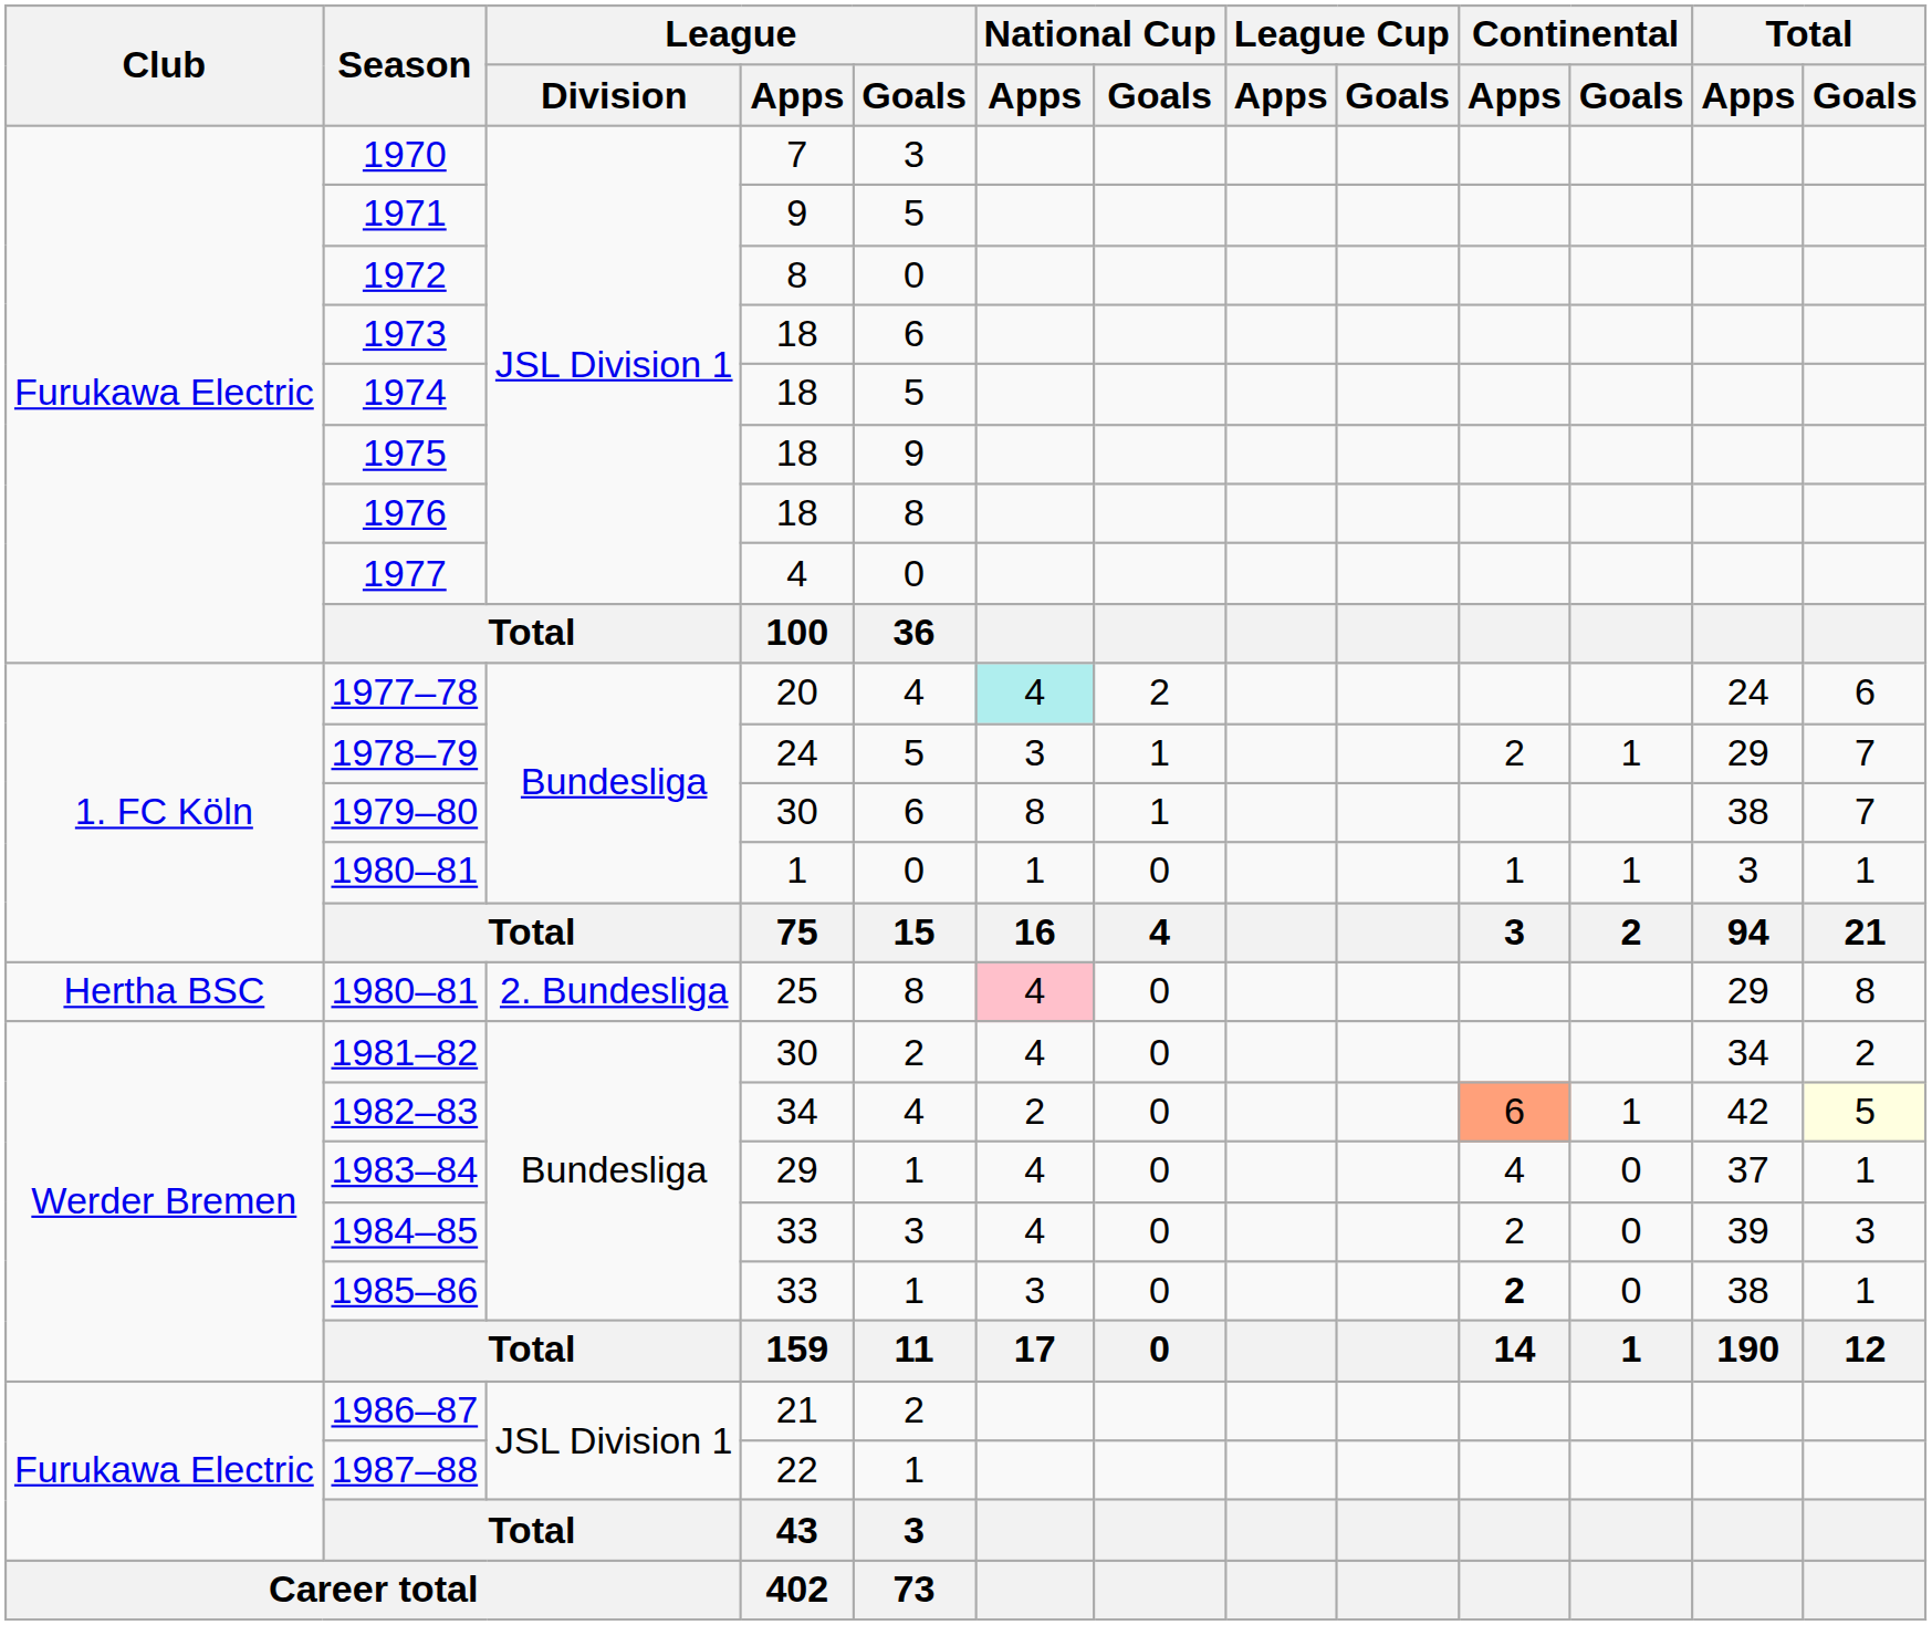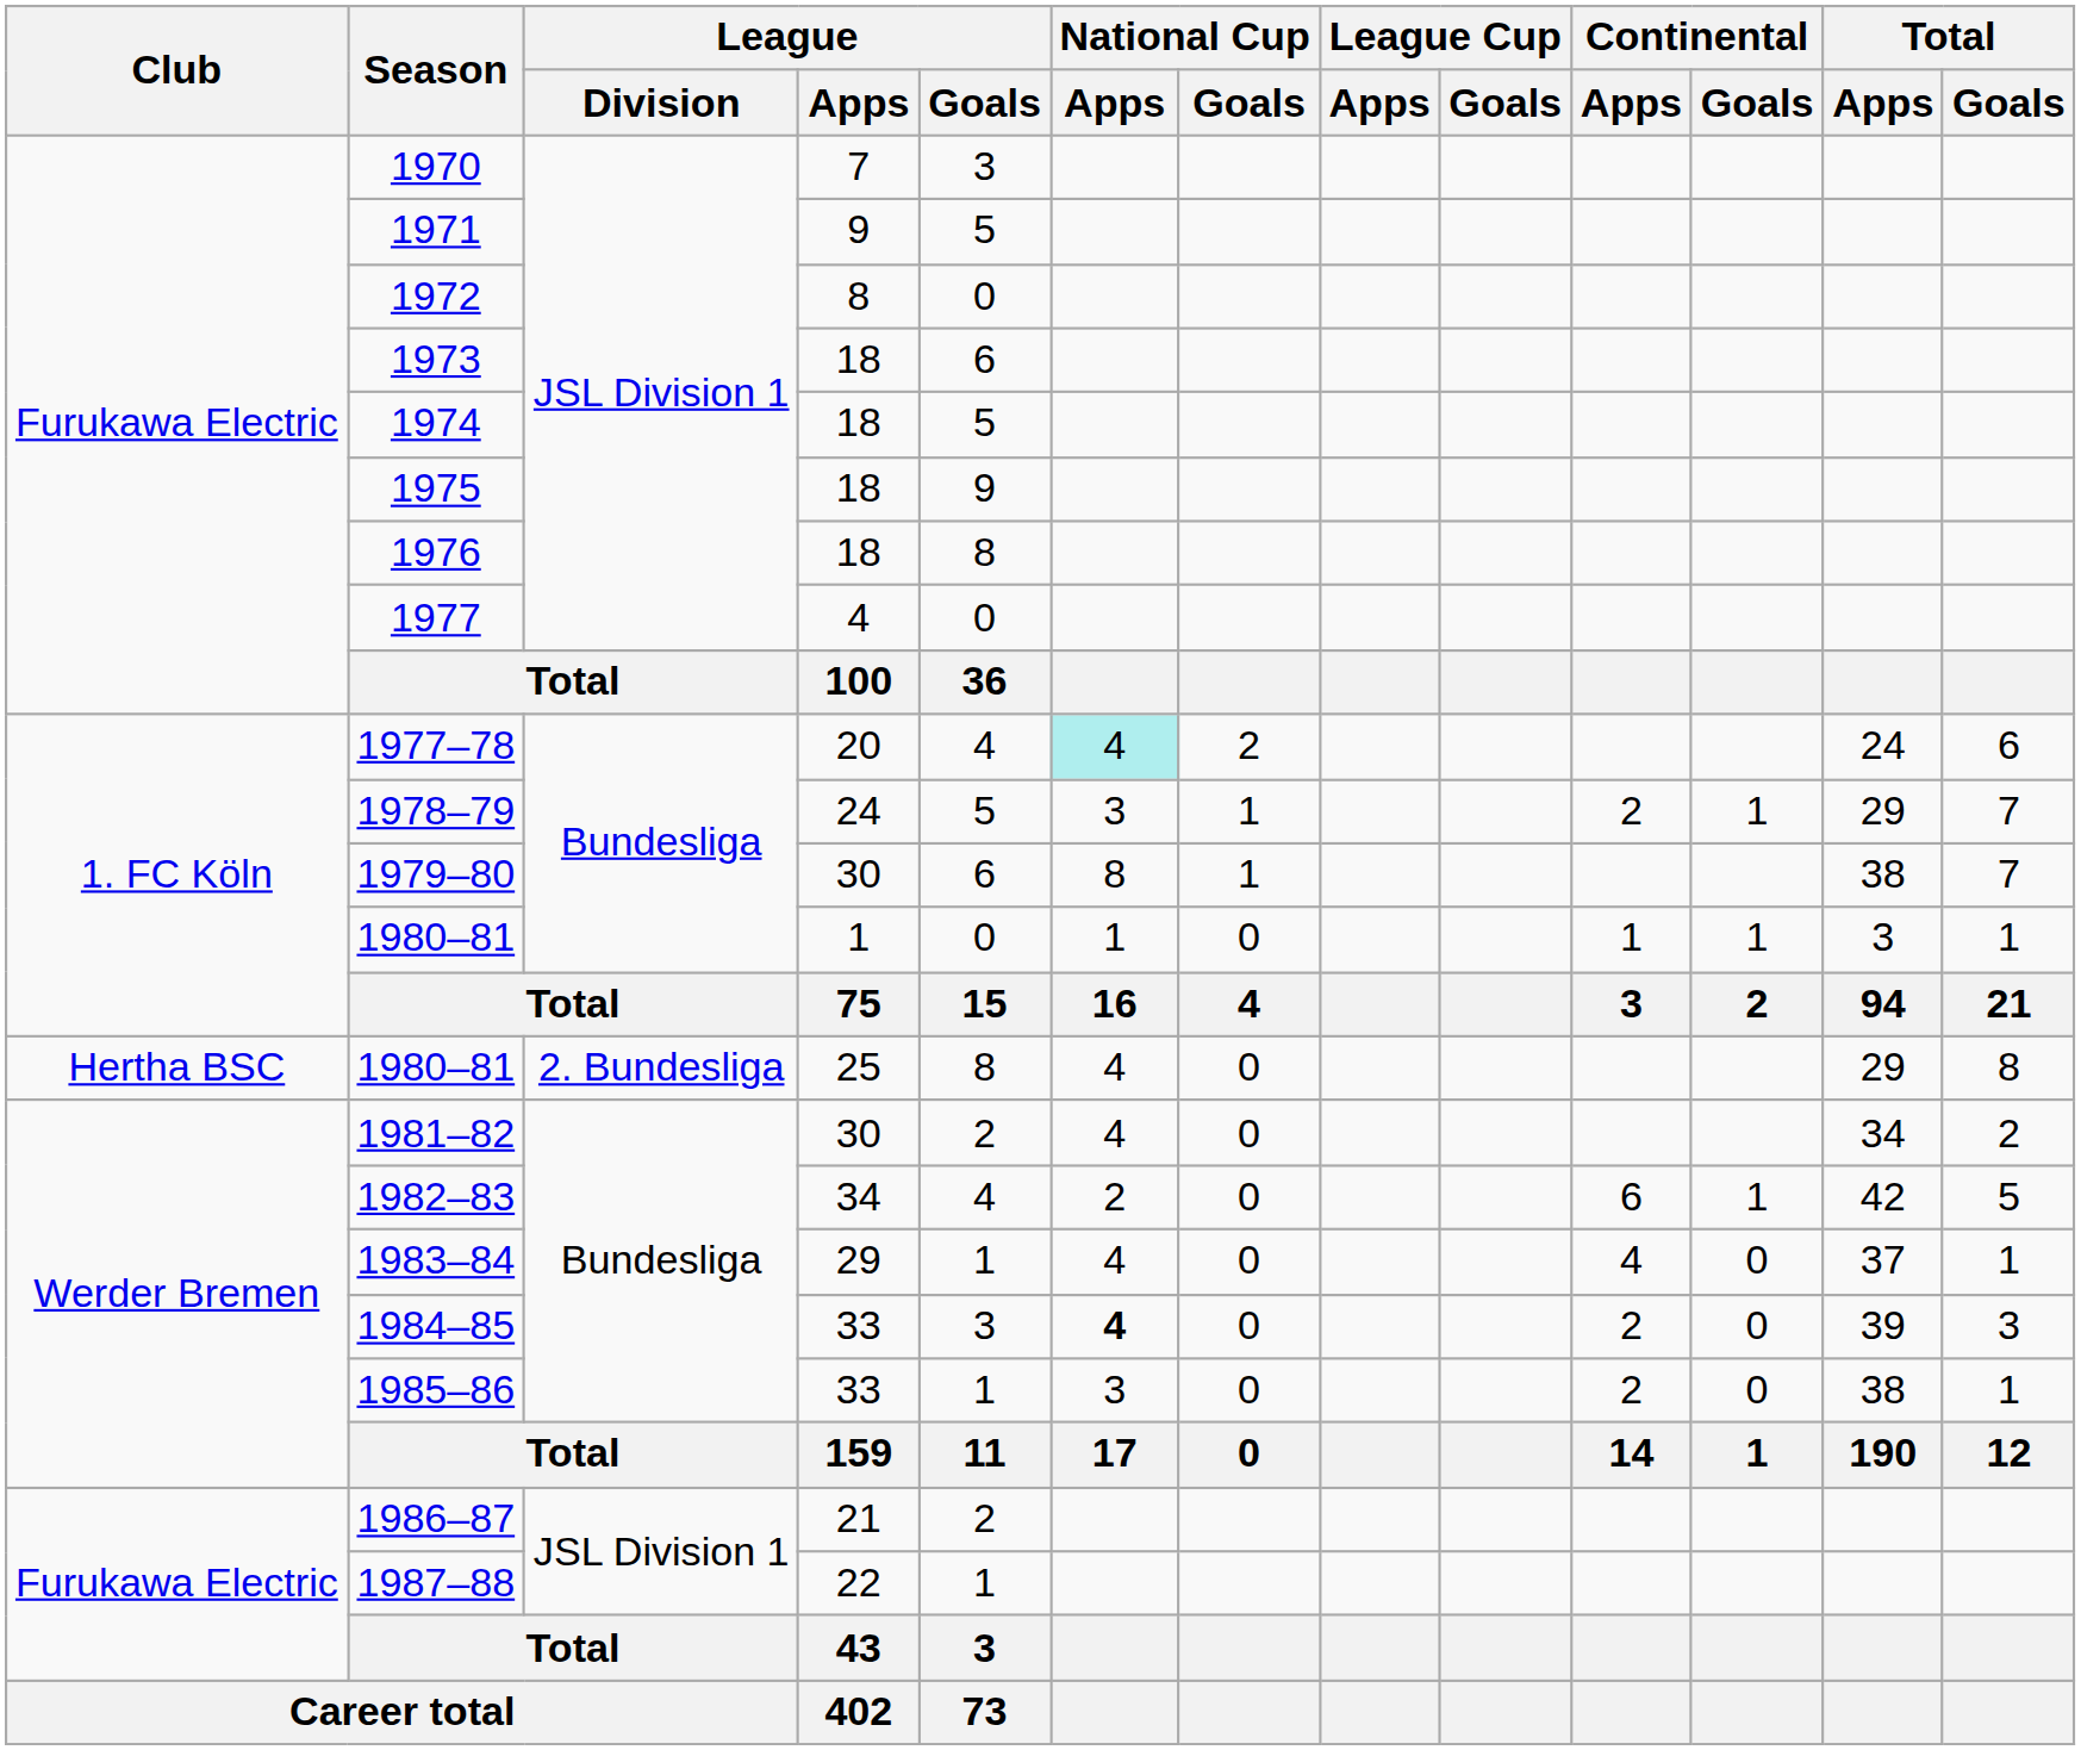 <table class="wikitable" style="text-align:center">
 <tr>
 <th rowspan="2">Club</th>
 <th rowspan="2">Season</th>
 <th colspan="3">League</th>
 <th colspan="2">National Cup</th>
 <th colspan="2">League Cup</th>
 <th colspan="2">Continental</th>
 <th colspan="2">Total</th>
 </tr>
 <tr>
 <th>Division</th>
 <th>Apps</th>
 <th>Goals</th>
 <th>Apps</th>
 <th>Goals</th>
 <th>Apps</th>
 <th>Goals</th>
 <th>Apps</th>
 <th>Goals</th>
 <th>Apps</th>
 <th>Goals</th>
 </tr>
 <tr>
 <td rowspan="9"><a href='#'>Furukawa Electric</a></td>
 <td><a href='#'>1970</a></td>
 <td rowspan="8"><a href='#'>JSL Division 1</a></td>
 <td>7</td>
 <td>3</td>
 <td></td>
 <td></td>
 <td></td>
 <td></td>
 <td></td>
 <td></td>
 <td></td>
 <td></td>
 </tr>
 <tr>
 <td><a href='#'>1971</a></td>
 <td>9</td>
 <td>5</td>
 <td></td>
 <td></td>
 <td></td>
 <td></td>
 <td></td>
 <td></td>
 <td></td>
 <td></td>
 </tr>
 <tr>
 <td><a href='#'>1972</a></td>
 <td>8</td>
 <td>0</td>
 <td></td>
 <td></td>
 <td></td>
 <td></td>
 <td></td>
 <td></td>
 <td></td>
 <td></td>
 </tr>
 <tr>
 <td><a href='#'>1973</a></td>
 <td>18</td>
 <td>6</td>
 <td></td>
 <td></td>
 <td></td>
 <td></td>
 <td></td>
 <td></td>
 <td></td>
 <td></td>
 </tr>
 <tr>
 <td><a href='#'>1974</a></td>
 <td>18</td>
 <td>5</td>
 <td></td>
 <td></td>
 <td></td>
 <td></td>
 <td></td>
 <td></td>
 <td></td>
 <td></td>
 </tr>
 <tr>
 <td><a href='#'>1975</a></td>
 <td>18</td>
 <td>9</td>
 <td></td>
 <td></td>
 <td></td>
 <td></td>
 <td></td>
 <td></td>
 <td></td>
 <td></td>
 </tr>
 <tr>
 <td><a href='#'>1976</a></td>
 <td>18</td>
 <td>8</td>
 <td></td>
 <td></td>
 <td></td>
 <td></td>
 <td></td>
 <td></td>
 <td></td>
 <td></td>
 </tr>
 <tr>
 <td><a href='#'>1977</a></td>
 <td>4</td>
 <td>0</td>
 <td></td>
 <td></td>
 <td></td>
 <td></td>
 <td></td>
 <td></td>
 <td></td>
 <td></td>
 </tr>
 <tr>
 <th colspan="2">Total</th>
 <th>100</th>
 <th>36</th>
 <th></th>
 <th></th>
 <th></th>
 <th></th>
 <th></th>
 <th></th>
 <th></th>
 <th></th>
 </tr>
 <tr>
 <td rowspan="5"><a href='#'>1. FC Köln</a></td>
 <td><a href='#'>1977–78</a></td>
 <td rowspan="4"><a href='#'>Bundesliga</a></td>
 <td>20</td>
 <td>4</td>
 <td style="background: paleturquoise;">4</td>
 <td>2</td>
 <td></td>
 <td></td>
 <td></td>
 <td></td>
 <td>24</td>
 <td>6</td>
 </tr>
 <tr>
 <td><a href='#'>1978–79</a></td>
 <td>24</td>
 <td>5</td>
 <td>3</td>
 <td>1</td>
 <td></td>
 <td></td>
 <td>2</td>
 <td>1</td>
 <td>29</td>
 <td>7</td>
 </tr>
 <tr>
 <td><a href='#'>1979–80</a></td>
 <td>30</td>
 <td>6</td>
 <td>8</td>
 <td>1</td>
 <td></td>
 <td></td>
 <td></td>
 <td></td>
 <td>38</td>
 <td>7</td>
 </tr>
 <tr>
 <td><a href='#'>1980–81</a></td>
 <td>1</td>
 <td>0</td>
 <td>1</td>
 <td>0</td>
 <td></td>
 <td></td>
 <td>1</td>
 <td>1</td>
 <td>3</td>
 <td>1</td>
 </tr>
 <tr>
 <th colspan="2">Total</th>
 <th>75</th>
 <th>15</th>
 <th>16</th>
 <th>4</th>
 <th></th>
 <th></th>
 <th>3</th>
 <th>2</th>
 <th>94</th>
 <th>21</th>
 </tr>
 <tr>
 <td><a href='#'>Hertha BSC</a></td>
 <td><a href='#'>1980–81</a></td>
 <td><a href='#'>2. Bundesliga</a></td>
 <td>25</td>
 <td>8</td>
-<td style="background: pink;">4</td>
+<td>4</td>
 <td>0</td>
 <td></td>
 <td></td>
 <td></td>
 <td></td>
 <td>29</td>
 <td>8</td>
 </tr>
 <tr>
 <td rowspan="6"><a href='#'>Werder Bremen</a></td>
 <td><a href='#'>1981–82</a></td>
 <td rowspan="5">Bundesliga</td>
 <td>30</td>
 <td>2</td>
 <td>4</td>
 <td>0</td>
 <td></td>
 <td></td>
 <td></td>
 <td></td>
 <td>34</td>
 <td>2</td>
 </tr>
 <tr>
 <td><a href='#'>1982–83</a></td>
 <td>34</td>
 <td>4</td>
 <td>2</td>
 <td>0</td>
 <td></td>
 <td></td>
-<td style="background: lightsalmon;">6</td>
+<td>6</td>
 <td>1</td>
 <td>42</td>
-<td style="background: lightyellow;">5</td>
+<td>5</td>
 </tr>
 <tr>
 <td><a href='#'>1983–84</a></td>
 <td>29</td>
 <td>1</td>
 <td>4</td>
 <td>0</td>
 <td></td>
 <td></td>
 <td>4</td>
 <td>0</td>
 <td>37</td>
 <td>1</td>
 </tr>
 <tr>
 <td><a href='#'>1984–85</a></td>
 <td>33</td>
 <td>3</td>
-<td>4</td>
+<td><strong>4</strong></td>
 <td>0</td>
 <td></td>
 <td></td>
 <td>2</td>
 <td>0</td>
 <td>39</td>
 <td>3</td>
 </tr>
 <tr>
 <td><a href='#'>1985–86</a></td>
 <td>33</td>
 <td>1</td>
 <td>3</td>
 <td>0</td>
 <td></td>
 <td></td>
-<td><strong>2</strong></td>
+<td>2</td>
 <td>0</td>
 <td>38</td>
 <td>1</td>
 </tr>
 <tr>
 <th colspan="2">Total</th>
 <th>159</th>
 <th>11</th>
 <th>17</th>
 <th>0</th>
 <th></th>
 <th></th>
 <th>14</th>
 <th>1</th>
 <th>190</th>
 <th>12</th>
 </tr>
 <tr>
 <td rowspan="3"><a href='#'>Furukawa Electric</a></td>
 <td><a href='#'>1986–87</a></td>
 <td rowspan="2">JSL Division 1</td>
 <td>21</td>
 <td>2</td>
 <td></td>
 <td></td>
 <td></td>
 <td></td>
 <td></td>
 <td></td>
 <td></td>
 <td></td>
 </tr>
 <tr>
 <td><a href='#'>1987–88</a></td>
 <td>22</td>
 <td>1</td>
 <td></td>
 <td></td>
 <td></td>
 <td></td>
 <td></td>
 <td></td>
 <td></td>
 <td></td>
 </tr>
 <tr>
 <th colspan="2">Total</th>
 <th>43</th>
 <th>3</th>
 <th></th>
 <th></th>
 <th></th>
 <th></th>
 <th></th>
 <th></th>
 <th></th>
 <th></th>
 </tr>
 <tr>
 <th colspan="3">Career total</th>
 <th>402</th>
 <th>73</th>
 <th></th>
 <th></th>
 <th></th>
 <th></th>
 <th></th>
 <th></th>
 <th></th>
 <th></th>
 </tr>
 </table>
